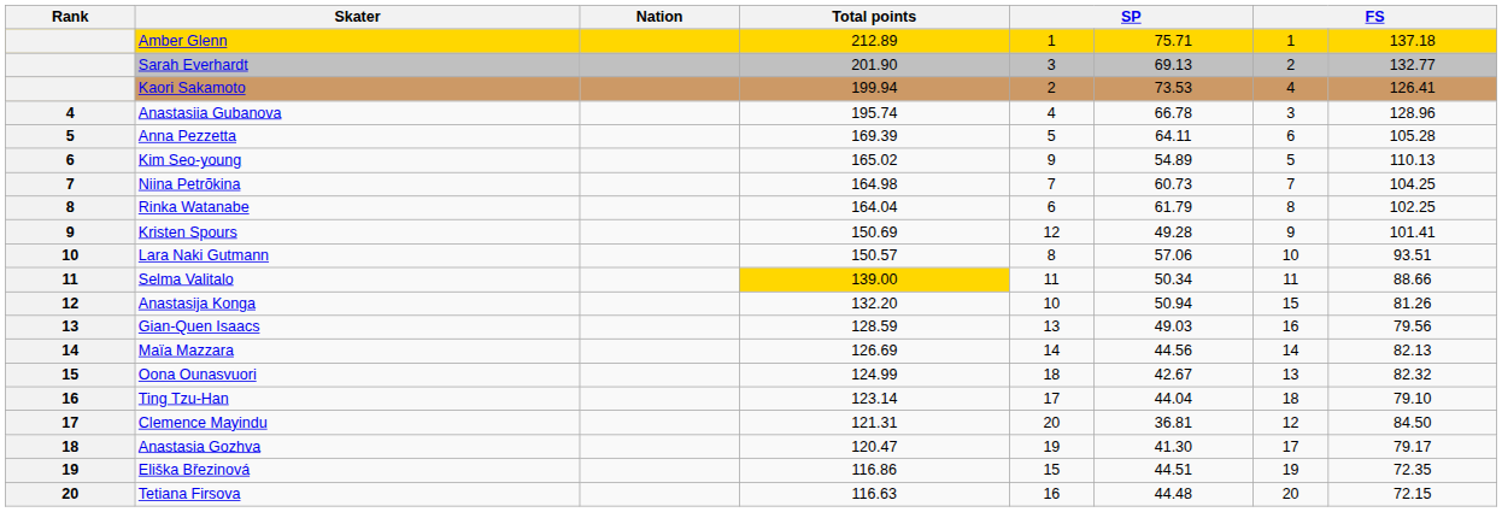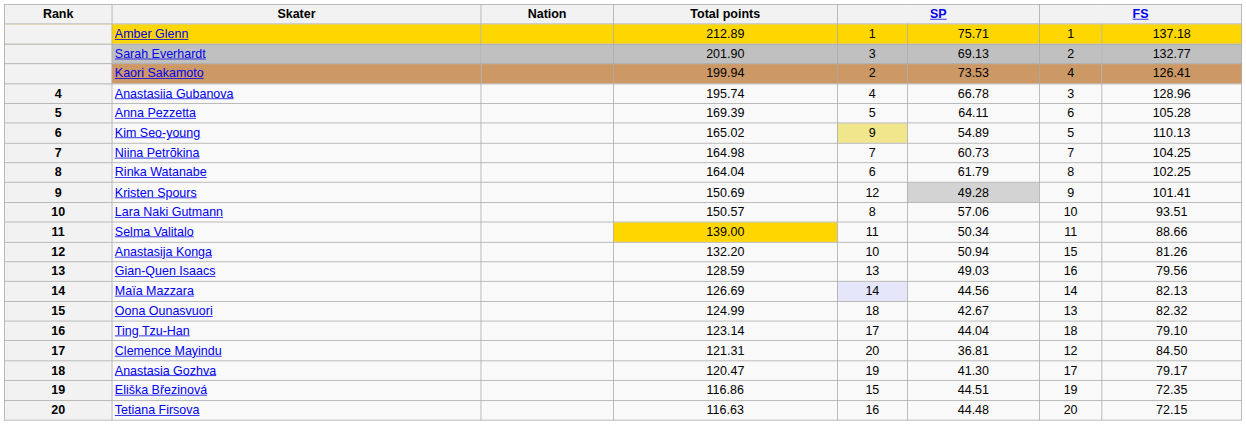 <table class="wikitable sortable" style="text-align:center;" width="80%">
 <tr>
 <th scope="col">Rank</th>
 <th scope="col">Skater</th>
 <th scope="col">Nation</th>
 <th scope="col">Total points</th>
 <th scope="col" colspan="2" width="80px"><a href='#'>SP</a></th>
 <th scope="col" colspan="2" width="80px"><a href='#'>FS</a></th>
 </tr>
 <tr bgcolor="gold">
 <th scope="row"></th>
 <td align="left"><a href='#'>Amber Glenn</a></td>
 <td align="left"></td>
 <td>212.89</td>
 <td>1</td>
 <td>75.71</td>
 <td>1</td>
 <td>137.18</td>
 </tr>
 <tr bgcolor="silver">
 <th scope="row"></th>
 <td align="left"><a href='#'>Sarah Everhardt</a></td>
 <td align="left"></td>
 <td>201.90</td>
 <td>3</td>
 <td>69.13</td>
 <td>2</td>
 <td>132.77</td>
 </tr>
 <tr bgcolor="cc9966">
 <th scope="row"></th>
 <td align="left"><a href='#'>Kaori Sakamoto</a></td>
 <td align="left"></td>
 <td>199.94</td>
 <td>2</td>
 <td>73.53</td>
 <td>4</td>
 <td>126.41</td>
 </tr>
 <tr>
 <th scope="row">4</th>
 <td align="left"><a href='#'>Anastasiia Gubanova</a></td>
 <td align="left"></td>
 <td>195.74</td>
 <td>4</td>
 <td>66.78</td>
 <td>3</td>
 <td>128.96</td>
 </tr>
 <tr>
 <th scope="row">5</th>
 <td align="left"><a href='#'>Anna Pezzetta</a></td>
 <td align="left"></td>
 <td>169.39</td>
 <td>5</td>
 <td>64.11</td>
 <td>6</td>
 <td>105.28</td>
 </tr>
 <tr>
 <th scope="row">6</th>
 <td align="left"><a href='#'>Kim Seo-young</a></td>
 <td align="left"></td>
 <td>165.02</td>
-<td>9</td>
+<td style="background: khaki;">9</td>
 <td>54.89</td>
 <td>5</td>
 <td>110.13</td>
 </tr>
 <tr>
 <th scope="row">7</th>
 <td align="left"><a href='#'>Niina Petrõkina</a></td>
 <td align="left"></td>
 <td>164.98</td>
 <td>7</td>
 <td>60.73</td>
 <td>7</td>
 <td>104.25</td>
 </tr>
 <tr>
 <th scope="row">8</th>
 <td align="left"><a href='#'>Rinka Watanabe</a></td>
 <td align="left"></td>
 <td>164.04</td>
 <td>6</td>
 <td>61.79</td>
 <td>8</td>
 <td>102.25</td>
 </tr>
 <tr>
 <th scope="row">9</th>
 <td align="left"><a href='#'>Kristen Spours</a></td>
 <td align="left"></td>
 <td>150.69</td>
 <td>12</td>
-<td>49.28</td>
+<td style="background: lightgrey;">49.28</td>
 <td>9</td>
 <td>101.41</td>
 </tr>
 <tr>
 <th scope="row">10</th>
 <td align="left"><a href='#'>Lara Naki Gutmann</a></td>
 <td align="left"></td>
 <td>150.57</td>
 <td>8</td>
 <td>57.06</td>
 <td>10</td>
 <td>93.51</td>
 </tr>
 <tr>
 <th scope="row">11</th>
 <td align="left"><a href='#'>Selma Valitalo</a></td>
 <td align="left"></td>
 <td style="background: gold;">139.00</td>
 <td>11</td>
 <td>50.34</td>
 <td>11</td>
 <td>88.66</td>
 </tr>
 <tr>
 <th scope="row">12</th>
 <td align="left"><a href='#'>Anastasija Konga</a></td>
 <td align="left"></td>
 <td>132.20</td>
 <td>10</td>
 <td>50.94</td>
 <td>15</td>
 <td>81.26</td>
 </tr>
 <tr>
 <th scope="row">13</th>
 <td align="left"><a href='#'>Gian-Quen Isaacs</a></td>
 <td align="left"></td>
 <td>128.59</td>
 <td>13</td>
 <td>49.03</td>
 <td>16</td>
 <td>79.56</td>
 </tr>
 <tr>
 <th scope="row">14</th>
 <td align="left"><a href='#'>Maïa Mazzara</a></td>
 <td align="left"></td>
 <td>126.69</td>
-<td>14</td>
+<td style="background: lavender;">14</td>
 <td>44.56</td>
 <td>14</td>
 <td>82.13</td>
 </tr>
 <tr>
 <th scope="row">15</th>
 <td align="left"><a href='#'>Oona Ounasvuori</a></td>
 <td align="left"></td>
 <td>124.99</td>
 <td>18</td>
 <td>42.67</td>
 <td>13</td>
 <td>82.32</td>
 </tr>
 <tr>
 <th scope="row">16</th>
 <td align="left"><a href='#'>Ting Tzu-Han</a></td>
 <td align="left"></td>
 <td>123.14</td>
 <td>17</td>
 <td>44.04</td>
 <td>18</td>
 <td>79.10</td>
 </tr>
 <tr>
 <th scope="row">17</th>
 <td align="left"><a href='#'>Clemence Mayindu</a></td>
 <td align="left"></td>
 <td>121.31</td>
 <td>20</td>
 <td>36.81</td>
 <td>12</td>
 <td>84.50</td>
 </tr>
 <tr>
 <th scope="row">18</th>
 <td align="left"><a href='#'>Anastasia Gozhva</a></td>
 <td align="left"></td>
 <td>120.47</td>
 <td>19</td>
 <td>41.30</td>
 <td>17</td>
 <td>79.17</td>
 </tr>
 <tr>
 <th scope="row">19</th>
 <td align="left"><a href='#'>Eliška Březinová</a></td>
 <td align="left"></td>
 <td>116.86</td>
 <td>15</td>
 <td>44.51</td>
 <td>19</td>
 <td>72.35</td>
 </tr>
 <tr>
 <th scope="row">20</th>
 <td align="left"><a href='#'>Tetiana Firsova</a></td>
 <td align="left"></td>
 <td>116.63</td>
 <td>16</td>
 <td>44.48</td>
 <td>20</td>
 <td>72.15</td>
 </tr>
 </table>
